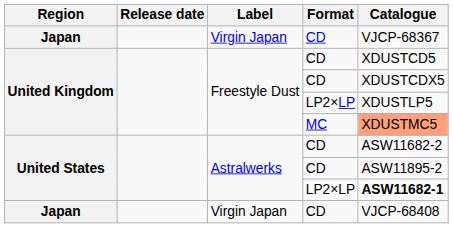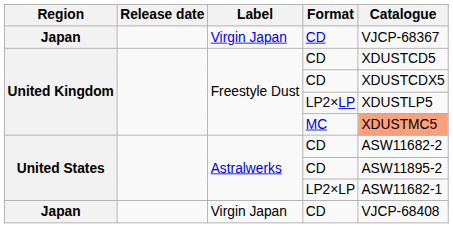 <table class="wikitable plainrowheaders">
 <tr>
 <th>Region</th>
 <th>Release date</th>
 <th>Label</th>
 <th>Format</th>
 <th>Catalogue</th>
 </tr>
 <tr>
 <th scope="row">Japan</th>
 <td></td>
 <td><a href='#'>Virgin Japan</a></td>
 <td><a href='#'>CD</a></td>
 <td>VJCP-68367</td>
 </tr>
 <tr>
 <th scope="row" rowspan="4">United Kingdom</th>
 <td rowspan="4"></td>
 <td rowspan="4">Freestyle Dust</td>
 <td>CD</td>
 <td>XDUSTCD5</td>
 </tr>
 <tr>
 <td>CD</td>
 <td>XDUSTCDX5</td>
 </tr>
 <tr>
 <td><span>LP</span>2×<a href='#'>LP</a></td>
 <td>XDUSTLP5</td>
 </tr>
 <tr>
 <td><a href='#'>MC</a></td>
 <td style="background: lightsalmon;">XDUSTMC5</td>
 </tr>
 <tr>
 <th scope="row" rowspan="3">United States</th>
 <td rowspan="3"></td>
 <td rowspan="3"><a href='#'>Astralwerks</a></td>
 <td>CD</td>
 <td>ASW11682-2</td>
 </tr>
 <tr>
 <td>CD</td>
 <td>ASW11895-2</td>
 </tr>
 <tr>
 <td><span>LP</span>2×LP</td>
-<td><strong>ASW11682-1</strong></td>
+<td>ASW11682-1</td>
 </tr>
 <tr>
 <th scope="row">Japan</th>
 <td></td>
 <td>Virgin Japan</td>
 <td>CD</td>
 <td>VJCP-68408</td>
 </tr>
 </table>
